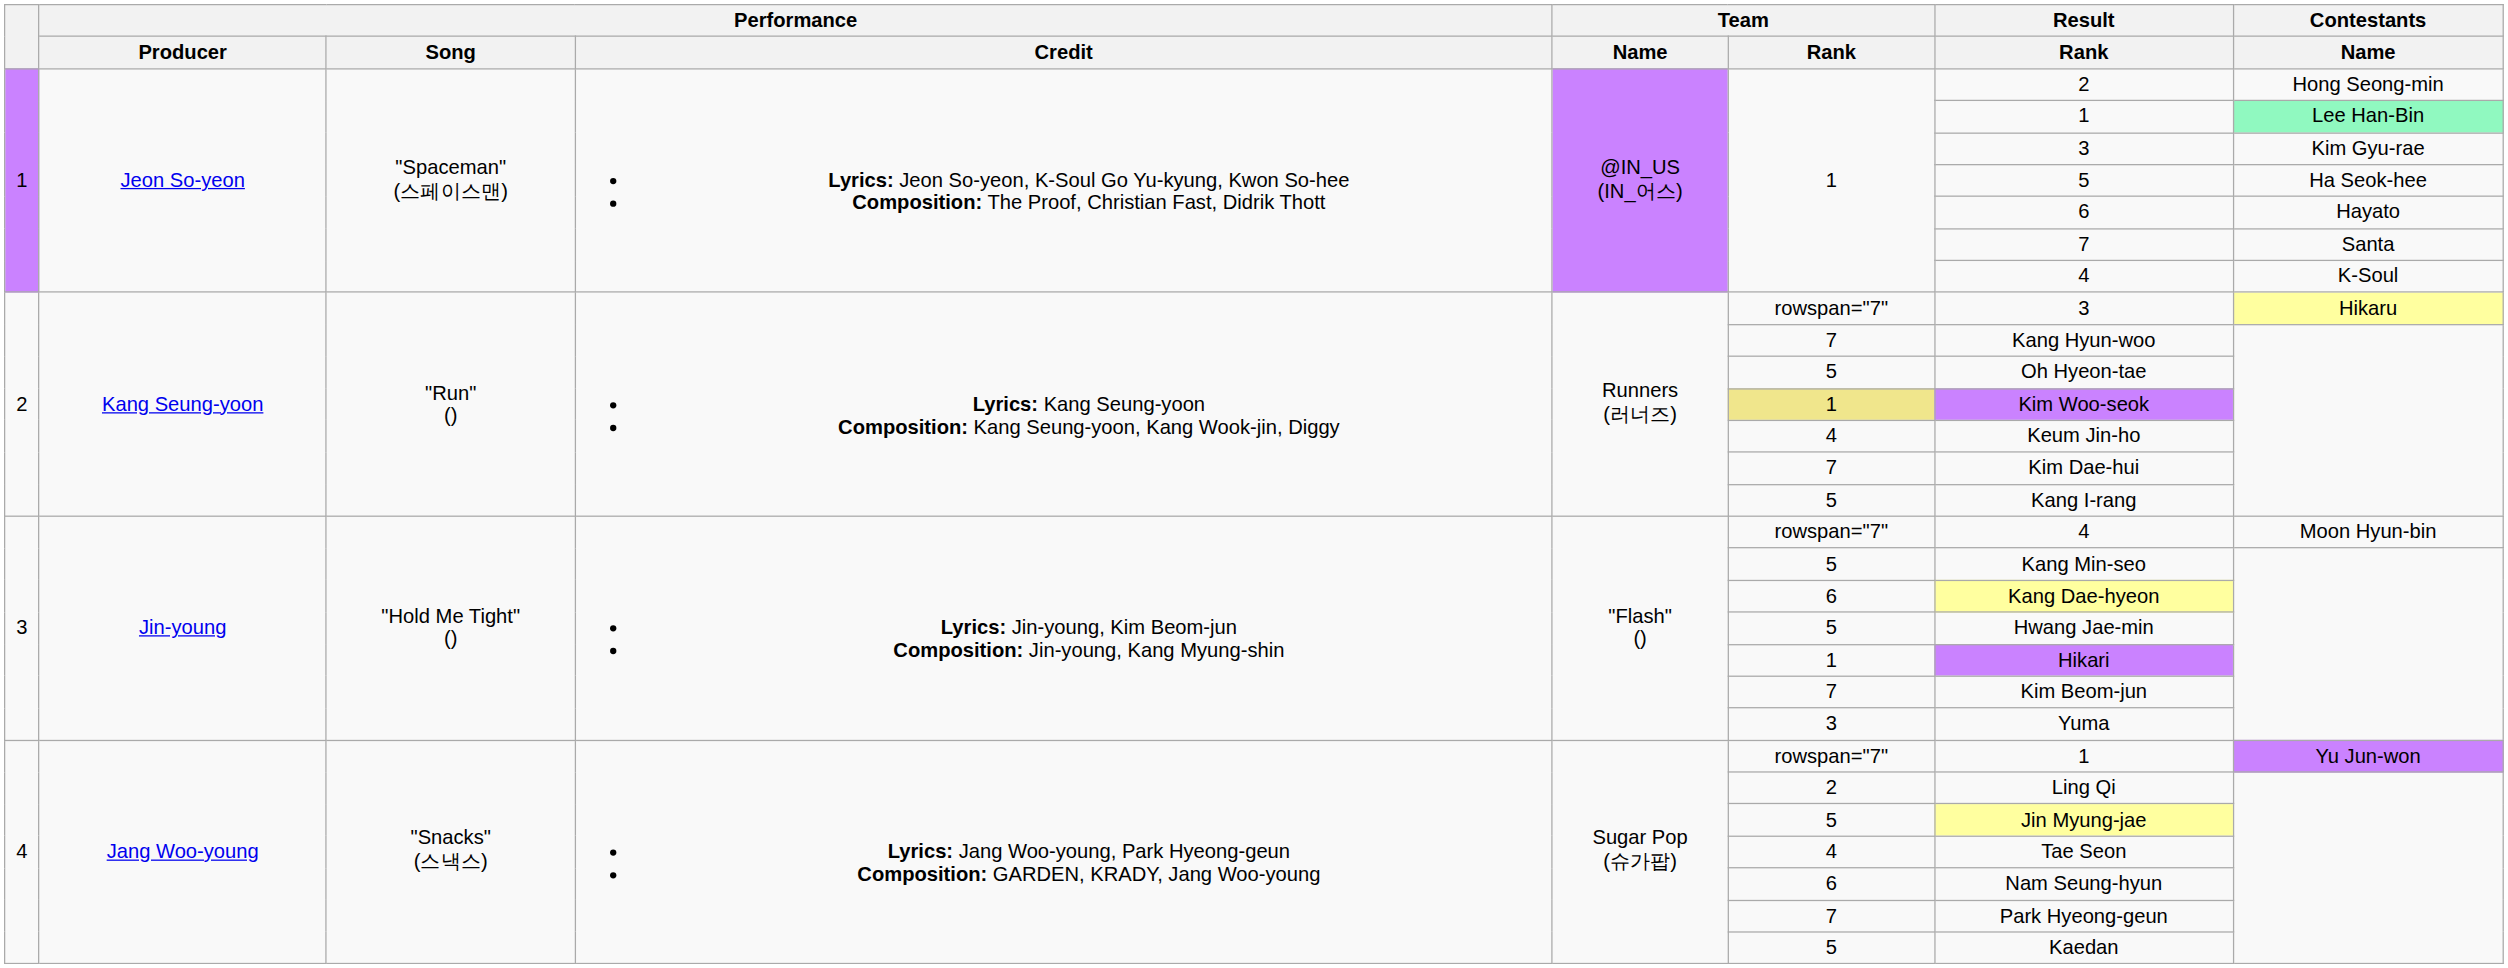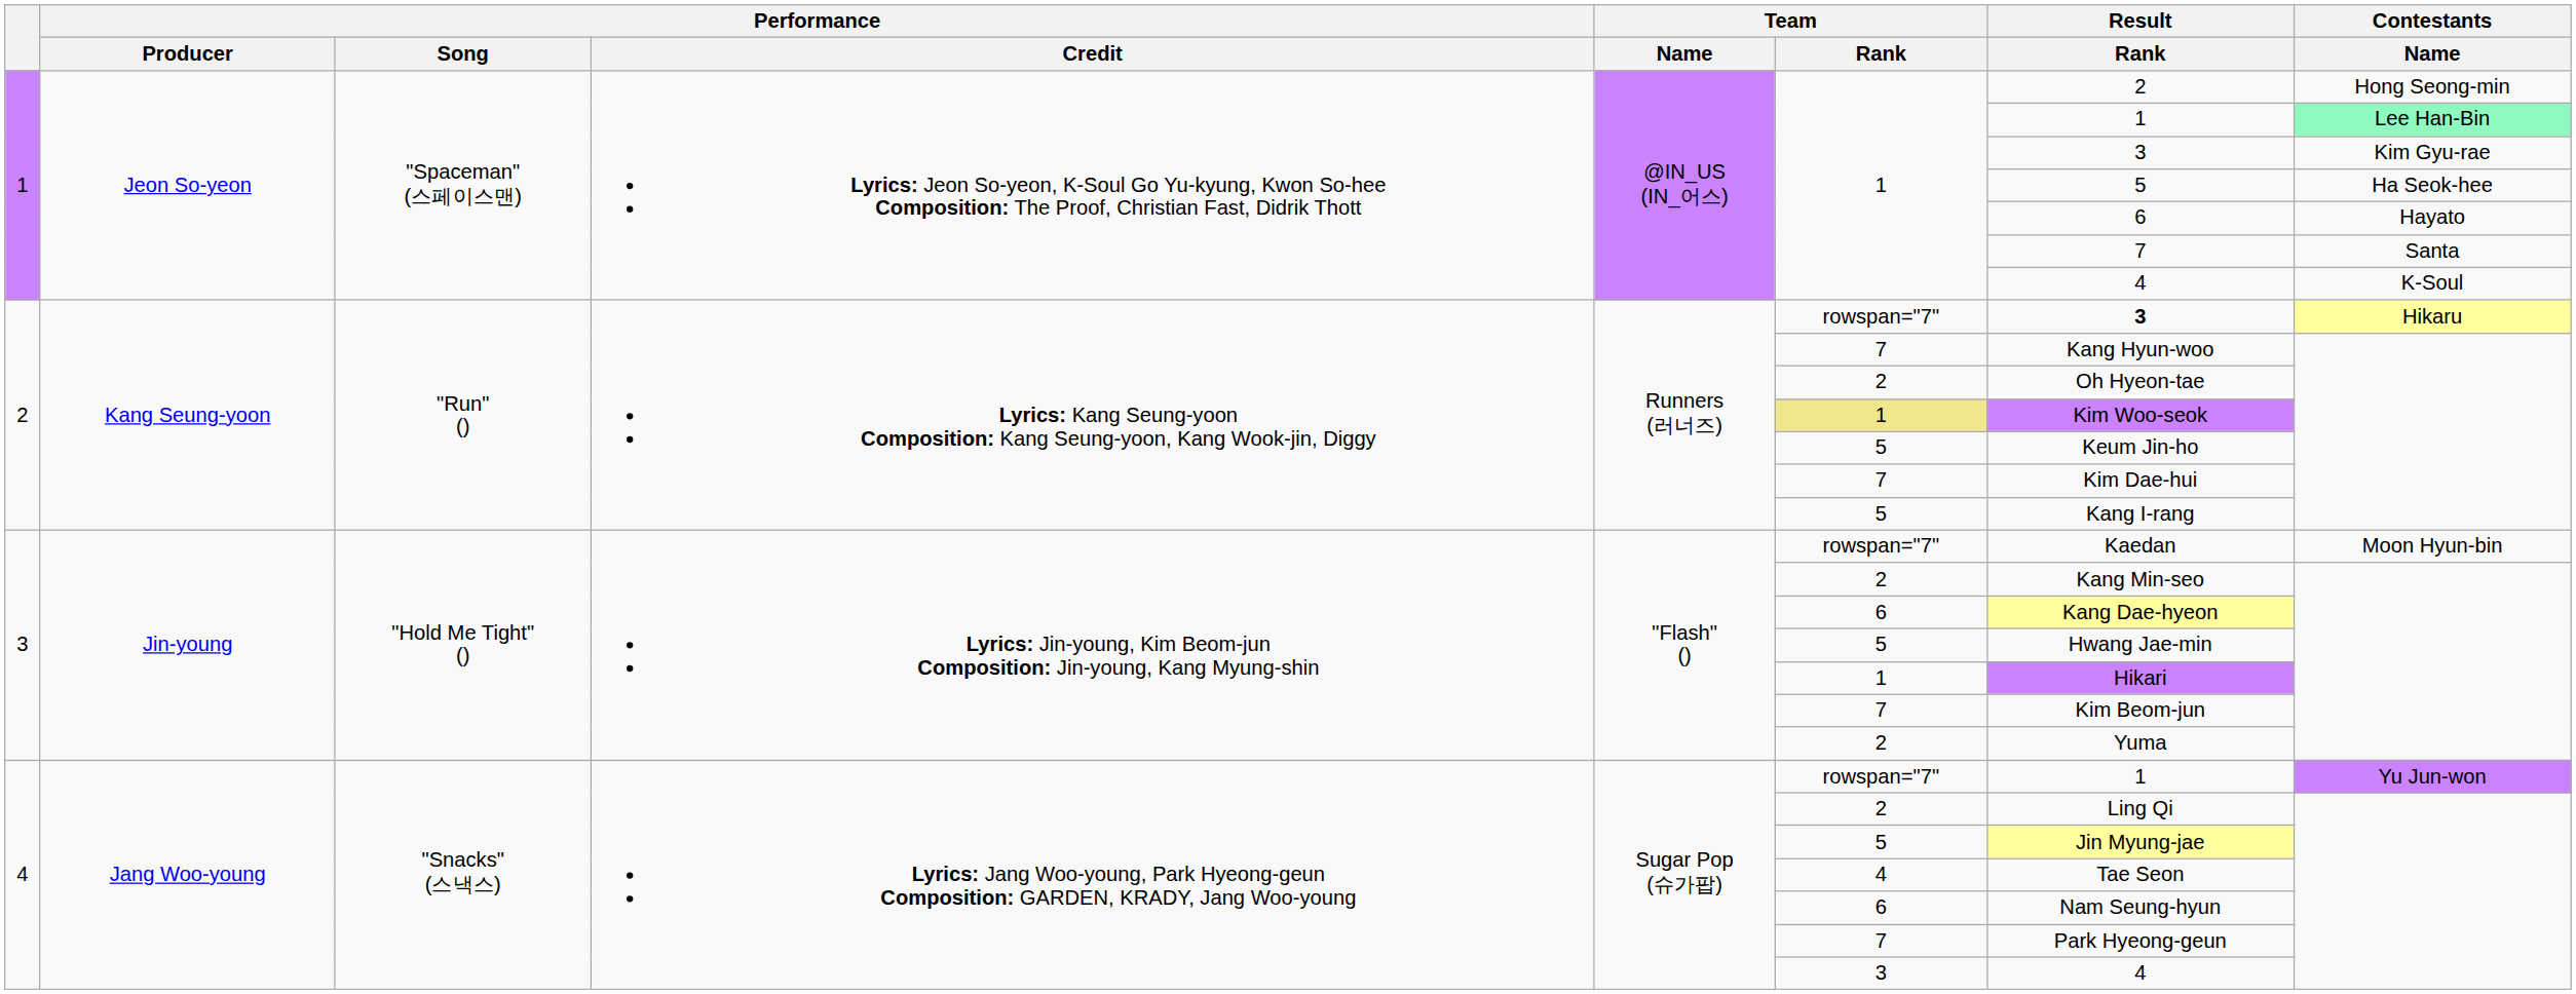 <table class="wikitable collapsible" style="width: 100%; text-align:center">
 <tr>
 <th rowspan="2"></th>
 <th colspan="3">Performance</th>
 <th colspan="2">Team</th>
 <th>Result</th>
 <th>Contestants</th>
 </tr>
 <tr>
 <th>Producer</th>
 <th>Song</th>
 <th>Credit</th>
 <th>Name</th>
 <th>Rank</th>
 <th>Rank</th>
 <th>Name</th>
 </tr>
 <tr>
 <td rowspan="7" style="background:#CA82FF">1</td>
 <td rowspan="7"><a href='#'>Jeon So-yeon</a></td>
 <td rowspan="7">"Spaceman"<br>(스페이스맨)</td>
 <td rowspan="7"><br><ul><li><strong>Lyrics:</strong> Jeon So-yeon, K-Soul Go Yu-kyung, Kwon So-hee</li><li><strong>Composition:</strong> The Proof, Christian Fast, Didrik Thott</li></ul></td>
 <td rowspan="7" style="background:#CA82FF">@IN_US<br>(IN_어스)</td>
 <td rowspan="7">1</td>
 <td>2</td>
 <td>Hong Seong-min</td>
 </tr>
 <tr>
 <td>1</td>
 <td style="background:#90F9C0">Lee Han-Bin</td>
 </tr>
 <tr>
 <td>3</td>
 <td>Kim Gyu-rae</td>
 </tr>
 <tr>
 <td>5</td>
 <td>Ha Seok-hee</td>
 </tr>
 <tr>
 <td>6</td>
 <td>Hayato</td>
 </tr>
 <tr>
 <td>7</td>
 <td>Santa</td>
 </tr>
 <tr>
 <td>4</td>
 <td>K-Soul</td>
 </tr>
 <tr>
 <td rowspan="7">2</td>
 <td rowspan="7"><a href='#'>Kang Seung-yoon</a></td>
 <td rowspan="7">"Run"<br>()</td>
 <td rowspan="7"><br><ul><li><strong>Lyrics:</strong> Kang Seung-yoon</li><li><strong>Composition:</strong> Kang Seung-yoon, Kang Wook-jin, Diggy</li></ul></td>
 <td rowspan="7">Runners<br>(러너즈)</td>
 <td>rowspan="7" </td>
-<td>3</td>
+<td><strong>3</strong></td>
 <td style="background:#FFFF9F">Hikaru</td>
 </tr>
 <tr>
 <td>7</td>
 <td>Kang Hyun-woo</td>
 </tr>
 <tr>
-<td>5</td>
+<td>2</td>
 <td>Oh Hyeon-tae</td>
 </tr>
 <tr>
 <td style="background: khaki;">1</td>
 <td style="background:#CA82FF">Kim Woo-seok</td>
 </tr>
 <tr>
-<td>4</td>
+<td>5</td>
 <td>Keum Jin-ho</td>
 </tr>
 <tr>
 <td>7</td>
 <td>Kim Dae-hui</td>
 </tr>
 <tr>
 <td>5</td>
 <td>Kang I-rang</td>
 </tr>
 <tr>
 <td rowspan="7">3</td>
 <td rowspan="7"><a href='#'>Jin-young</a></td>
 <td rowspan="7">"Hold Me Tight"<br>()</td>
 <td rowspan="7"><br><ul><li><strong>Lyrics:</strong> Jin-young, Kim Beom-jun</li><li><strong>Composition:</strong> Jin-young, Kang Myung-shin</li></ul></td>
 <td rowspan="7">"Flash"<br>()</td>
 <td>rowspan="7" </td>
-<td>4</td>
+<td>Kaedan</td>
 <td>Moon Hyun-bin</td>
 </tr>
 <tr>
-<td>5</td>
+<td>2</td>
 <td>Kang Min-seo</td>
 </tr>
 <tr>
 <td>6</td>
 <td style="background:#FFFF9F">Kang Dae-hyeon</td>
 </tr>
 <tr>
 <td>5</td>
 <td>Hwang Jae-min</td>
 </tr>
 <tr>
 <td>1</td>
 <td style="background:#CA82FF">Hikari</td>
 </tr>
 <tr>
 <td>7</td>
 <td>Kim Beom-jun</td>
 </tr>
 <tr>
-<td>3</td>
+<td>2</td>
 <td>Yuma</td>
 </tr>
 <tr>
 <td rowspan="7">4</td>
 <td rowspan="7"><a href='#'>Jang Woo-young</a></td>
 <td rowspan="7">"Snacks"<br>(스낵스)</td>
 <td rowspan="7"><br><ul><li><strong>Lyrics:</strong> Jang Woo-young, Park Hyeong-geun</li><li><strong>Composition:</strong> GARDEN, KRADY, Jang Woo-young</li></ul></td>
 <td rowspan="7">Sugar Pop<br>(슈가팝)</td>
 <td>rowspan="7" </td>
 <td>1</td>
 <td style="background:#CA82FF">Yu Jun-won</td>
 </tr>
 <tr>
 <td>2</td>
 <td>Ling Qi</td>
 </tr>
 <tr>
 <td>5</td>
 <td style="background:#FFFF9F">Jin Myung-jae</td>
 </tr>
 <tr>
 <td>4</td>
 <td>Tae Seon</td>
 </tr>
 <tr>
 <td>6</td>
 <td>Nam Seung-hyun</td>
 </tr>
 <tr>
 <td>7</td>
 <td>Park Hyeong-geun</td>
 </tr>
 <tr>
-<td>5</td>
-<td>Kaedan</td>
+<td>3</td>
+<td>4</td>
 </tr>
 </table>
